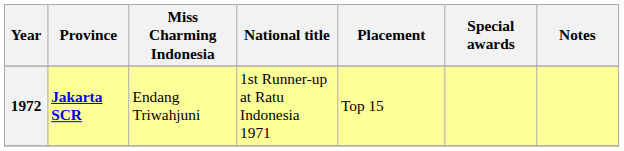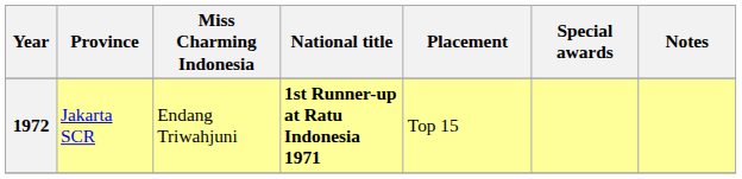 <table class="wikitable " style="font-size: 95%;">
 <tr>
 <th width="60">Year</th>
 <th width="150">Province</th>
 <th width="250">Miss Charming Indonesia</th>
 <th width="250">National title</th>
 <th width="250">Placement</th>
 <th width="250">Special awards</th>
 <th width="250">Notes</th>
 </tr>
 <tr>
 </tr>
 <tr style="background-color:#FFFF99; ">
 <th>1972</th>
-<td><strong><a href='#'>Jakarta SCR</a></strong></td>
+<td><a href='#'>Jakarta SCR</a></td>
 <td>Endang Triwahjuni</td>
-<td>1st Runner-up at Ratu Indonesia 1971</td>
+<td><strong>1st Runner-up at Ratu Indonesia 1971</strong></td>
 <td>Top 15</td>
 <td></td>
 <td></td>
 </tr>
 <tr>
 </tr>
 </table>
